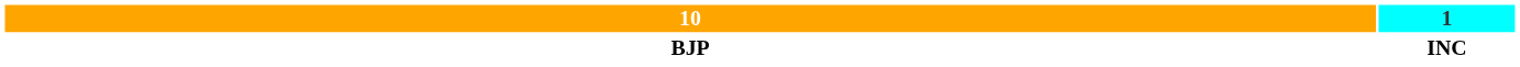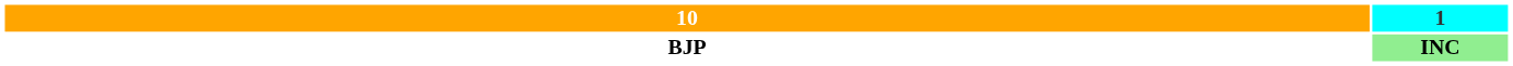 <table style="width:88%; text-align:center;">
 <tr style="color:white;">
 <td style="background:orange; width:90.91%;"><strong>10</strong></td>
 <td style="background:aqua; color:#333; width:9.09%;"><strong>1</strong></td>
 </tr>
 <tr>
 <td><span><strong>BJP</strong></span></td>
-<td><span><strong>INC</strong></span></td>
+<td style="background: lightgreen;"><span><strong>INC</strong></span></td>
 </tr>
 </table>
